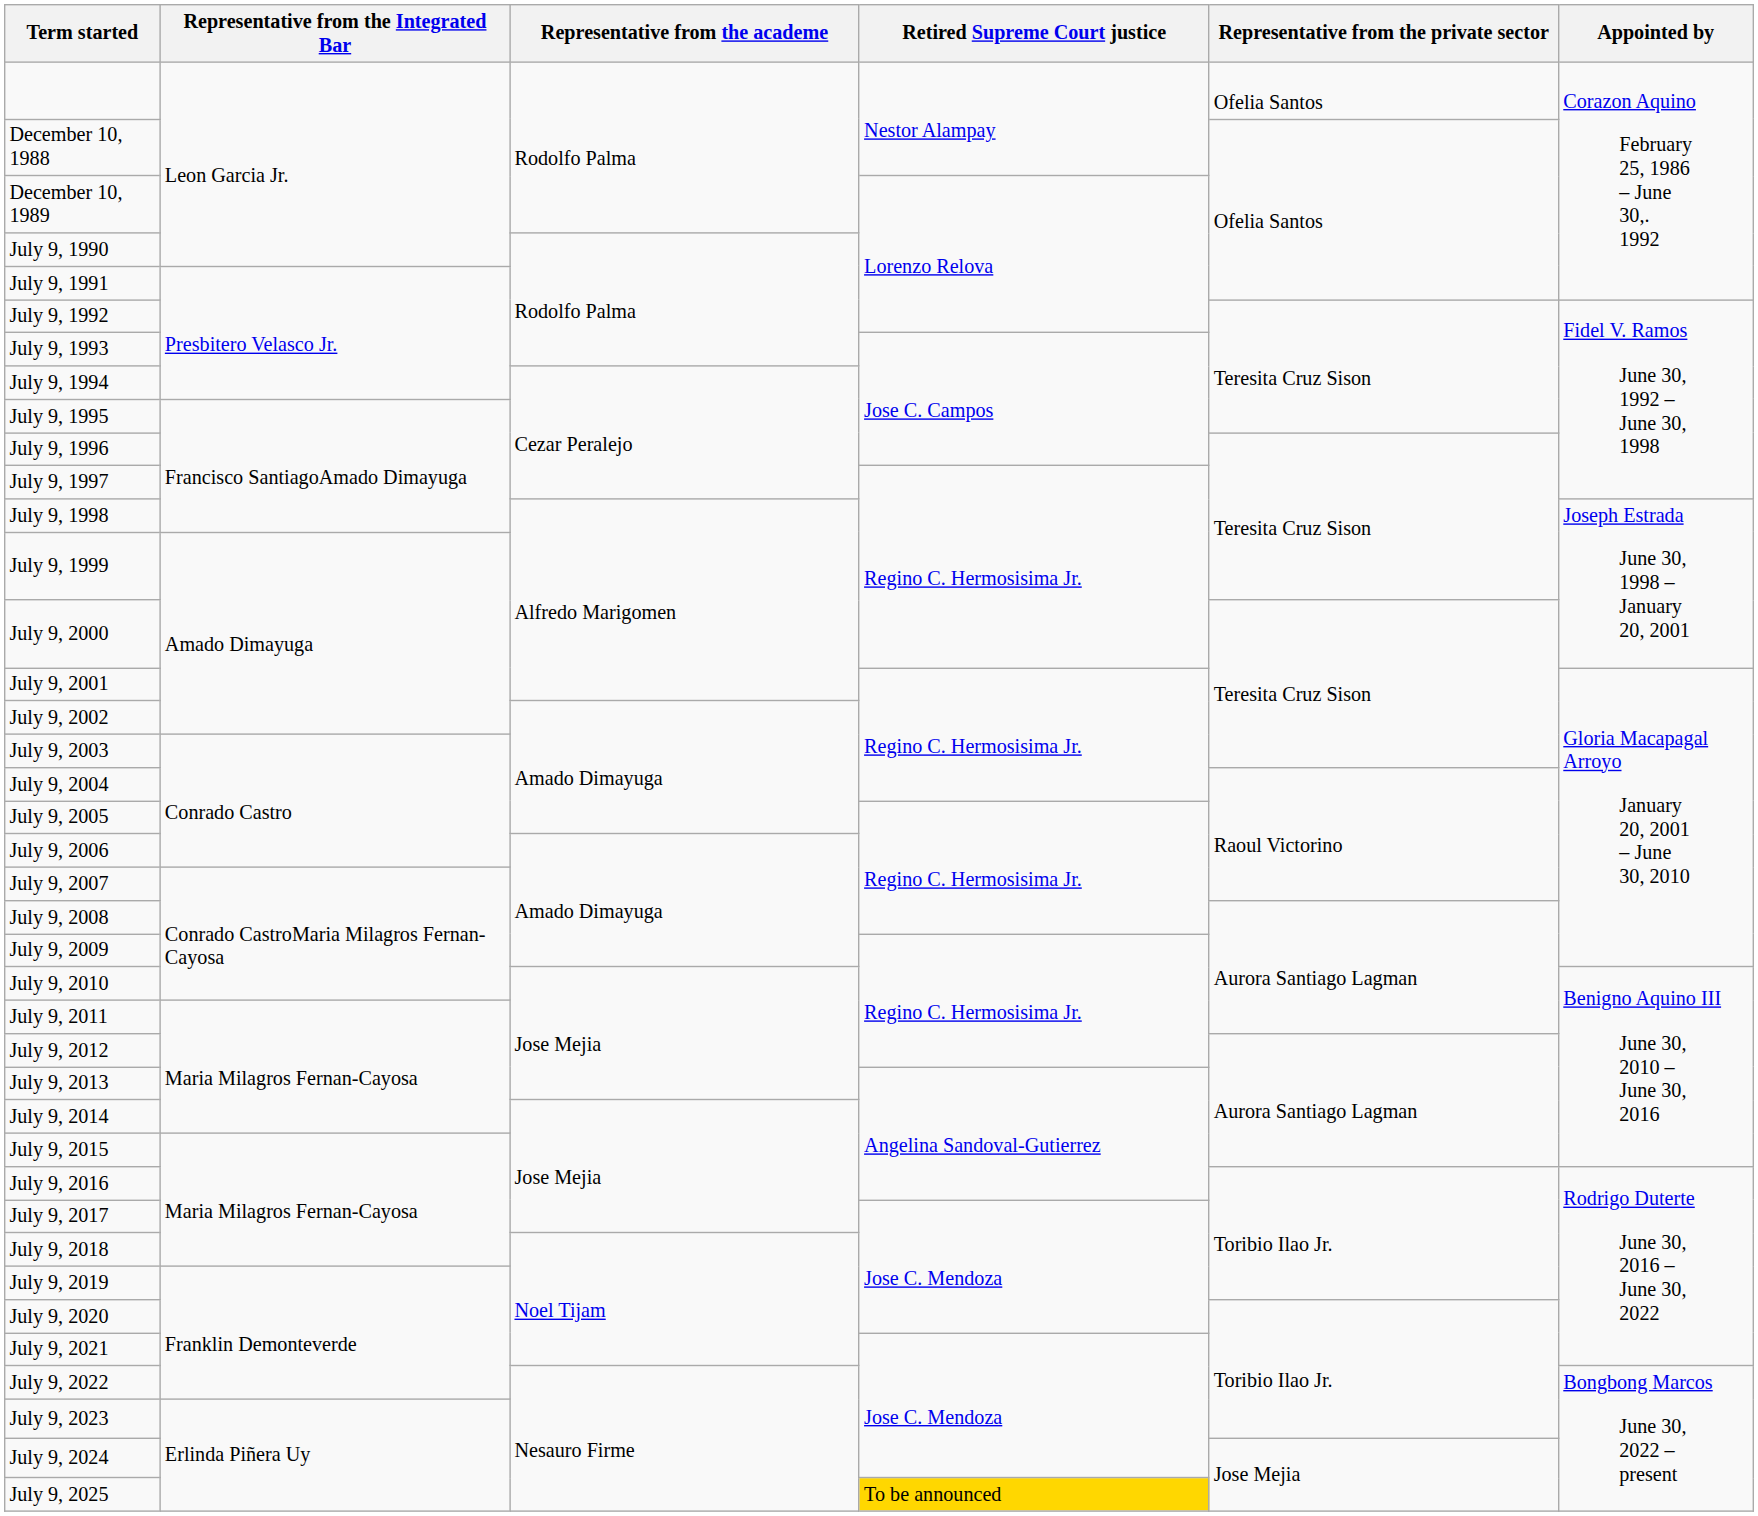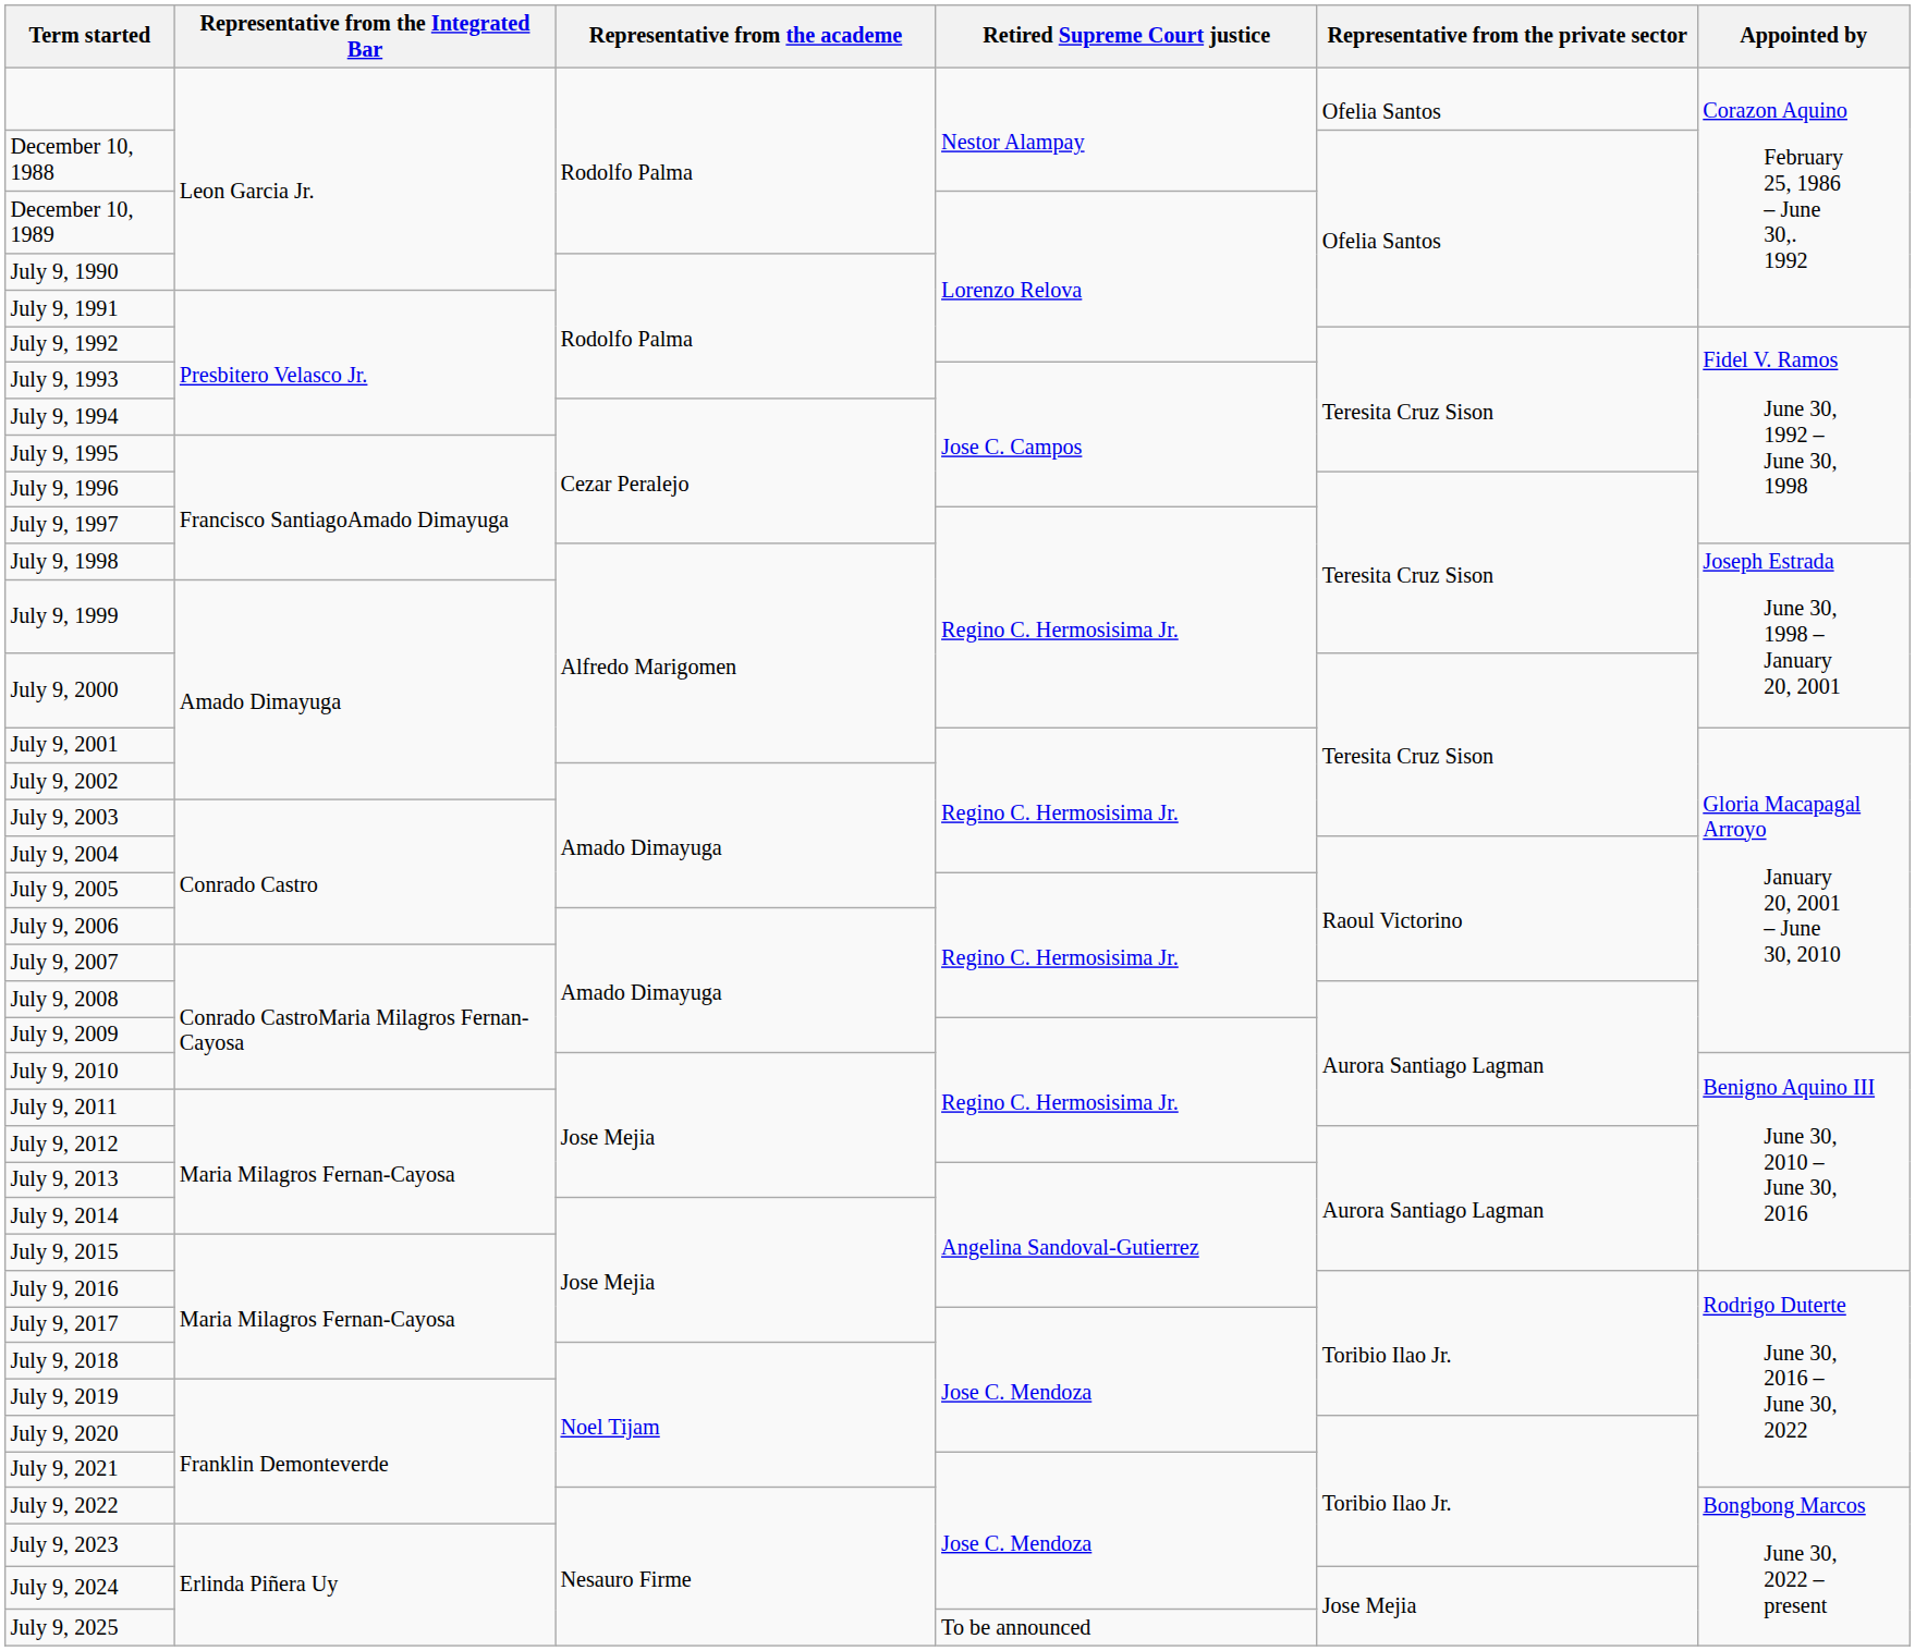 <table class="wikitable" style="font-size:90%;">
 <tr>
 <th>Term started</th>
 <th width=20%>Representative from the <a href='#'>Integrated Bar</a></th>
 <th width=20%>Representative from <a href='#'>the academe</a></th>
 <th width=20%>Retired <a href='#'>Supreme Court</a> justice</th>
 <th width=20%>Representative from the private sector</th>
 <th width=10%>Appointed by</th>
 </tr>
 <tr>
 <td></td>
 <td rowspan="4"><br>Leon Garcia Jr.</td>
 <td rowspan="3"><br>Rodolfo Palma</td>
 <td rowspan="2"><br><a href='#'>Nestor Alampay</a></td>
 <td><br>Ofelia Santos</td>
 <td rowspan="5"><a href='#'>Corazon Aquino</a><blockquote>February 25, 1986 – June 30,. 1992</blockquote></td>
 </tr>
 <tr>
 <td>December 10, 1988</td>
 <td rowspan="4"><br>Ofelia Santos</td>
 </tr>
 <tr>
 <td>December 10, 1989</td>
 <td rowspan="4"><br><a href='#'>Lorenzo Relova</a></td>
 </tr>
 <tr>
 <td>July 9, 1990</td>
 <td rowspan="4"><br>Rodolfo Palma</td>
 </tr>
 <tr>
 <td>July 9, 1991</td>
 <td rowspan="4"><br><a href='#'>Presbitero Velasco Jr.</a></td>
 </tr>
 <tr>
 <td>July 9, 1992</td>
 <td rowspan="4"><br>Teresita Cruz Sison</td>
 <td rowspan="6"><a href='#'>Fidel V. Ramos</a><blockquote>June 30, 1992 – June 30, 1998</blockquote></td>
 </tr>
 <tr>
 <td>July 9, 1993</td>
 <td rowspan="4"><br><a href='#'>Jose C. Campos</a></td>
 </tr>
 <tr>
 <td>July 9, 1994</td>
 <td rowspan="4"><br>Cezar Peralejo</td>
 </tr>
 <tr>
 <td>July 9, 1995</td>
 <td rowspan="4"><br>Francisco SantiagoAmado Dimayuga</td>
 </tr>
 <tr>
 <td>July 9, 1996</td>
 <td rowspan="4"><br>Teresita Cruz Sison</td>
 </tr>
 <tr>
 <td>July 9, 1997</td>
 <td rowspan="4"><br><a href='#'>Regino C. Hermosisima Jr.</a></td>
 </tr>
 <tr>
 <td>July 9, 1998</td>
 <td rowspan="4"><br>Alfredo Marigomen</td>
 <td rowspan="3"><a href='#'>Joseph Estrada</a><blockquote>June 30, 1998 – January 20, 2001</blockquote></td>
 </tr>
 <tr>
 <td>July 9, 1999</td>
 <td rowspan="4"><br>Amado Dimayuga</td>
 </tr>
 <tr>
 <td>July 9, 2000</td>
 <td rowspan="4"><br>Teresita Cruz Sison</td>
 </tr>
 <tr>
 <td>July 9, 2001</td>
 <td rowspan="4"><br><a href='#'>Regino C. Hermosisima Jr.</a></td>
 <td rowspan="9"><a href='#'>Gloria Macapagal Arroyo</a><blockquote>January 20, 2001 – June 30, 2010</blockquote></td>
 </tr>
 <tr>
 <td>July 9, 2002</td>
 <td rowspan="4"><br>Amado Dimayuga</td>
 </tr>
 <tr>
 <td>July 9, 2003</td>
 <td rowspan="4"><br>Conrado Castro</td>
 </tr>
 <tr>
 <td>July 9, 2004</td>
 <td rowspan="4"><br>Raoul Victorino</td>
 </tr>
 <tr>
 <td>July 9, 2005</td>
 <td rowspan="4"><br><a href='#'>Regino C. Hermosisima Jr.</a></td>
 </tr>
 <tr>
 <td>July 9, 2006</td>
 <td rowspan="4"><br>Amado Dimayuga</td>
 </tr>
 <tr>
 <td>July 9, 2007</td>
 <td rowspan="4"><br>Conrado CastroMaria Milagros Fernan-Cayosa</td>
 </tr>
 <tr>
 <td>July 9, 2008</td>
 <td rowspan="4"><br>Aurora Santiago Lagman</td>
 </tr>
 <tr>
 <td>July 9, 2009</td>
 <td rowspan="4"><br><a href='#'>Regino C. Hermosisima Jr.</a></td>
 </tr>
 <tr>
 <td>July 9, 2010</td>
 <td rowspan="4"><br>Jose Mejia</td>
 <td rowspan="6"><a href='#'>Benigno Aquino III</a><blockquote>June 30, 2010 – June 30, 2016</blockquote></td>
 </tr>
 <tr>
 <td>July 9, 2011</td>
 <td rowspan="4"><br>Maria Milagros Fernan-Cayosa</td>
 </tr>
 <tr>
 <td>July 9, 2012</td>
 <td rowspan="4"><br>Aurora Santiago Lagman</td>
 </tr>
 <tr>
 <td>July 9, 2013</td>
 <td rowspan="4"><br><a href='#'>Angelina Sandoval-Gutierrez</a></td>
 </tr>
 <tr>
 <td>July 9, 2014</td>
 <td rowspan="4"><br>Jose Mejia</td>
 </tr>
 <tr>
 <td>July 9, 2015</td>
 <td rowspan="4"><br>Maria Milagros Fernan-Cayosa</td>
 </tr>
 <tr>
 <td>July 9, 2016</td>
 <td rowspan="4"><br>Toribio Ilao Jr.</td>
 <td rowspan="6"><a href='#'>Rodrigo Duterte</a><blockquote>June 30, 2016 – June  30, 2022</blockquote></td>
 </tr>
 <tr>
 <td>July 9, 2017</td>
 <td rowspan="4"><br><a href='#'>Jose C. Mendoza</a></td>
 </tr>
 <tr>
 <td>July 9, 2018</td>
 <td rowspan="4"><br><a href='#'>Noel Tijam</a></td>
 </tr>
 <tr>
 <td>July 9, 2019</td>
 <td rowspan="4"><br>Franklin Demonteverde</td>
 </tr>
 <tr>
 <td>July 9, 2020</td>
 <td rowspan="4"><br>Toribio Ilao Jr.</td>
 </tr>
 <tr>
 <td>July 9, 2021</td>
 <td rowspan="4"><br><a href='#'>Jose C. Mendoza</a></td>
 </tr>
 <tr>
 <td>July 9, 2022</td>
 <td rowspan="4"><br>Nesauro Firme</td>
 <td rowspan="4"><a href='#'>Bongbong Marcos</a><blockquote>June 30, 2022 – present</blockquote></td>
 </tr>
 <tr>
 <td>July 9, 2023</td>
 <td rowspan="3">Erlinda Piñera Uy<br></td>
 </tr>
 <tr>
 <td>July 9, 2024</td>
 <td rowspan="2">Jose Mejia<br></td>
 </tr>
 <tr>
 <td>July 9, 2025</td>
-<td style="background: gold;">To be announced</td>
+<td>To be announced</td>
 </tr>
 </table>
